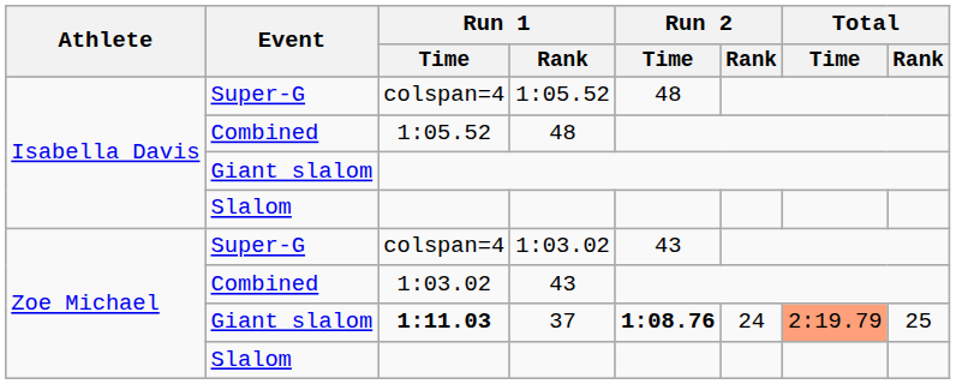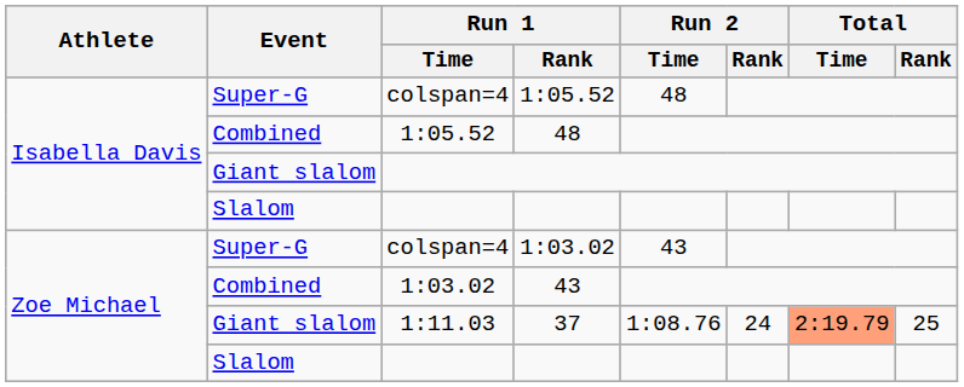 <table class="wikitable" style="font-size:90%">
 <tr>
 <th rowspan=2>Athlete</th>
 <th rowspan=2>Event</th>
 <th colspan=2>Run 1</th>
 <th colspan=2>Run 2</th>
 <th colspan=2>Total</th>
 </tr>
 <tr style="font-size:95%">
 <th>Time</th>
 <th>Rank</th>
 <th>Time</th>
 <th>Rank</th>
 <th>Time</th>
 <th>Rank</th>
 </tr>
 <tr align=center>
 <td align="left" rowspan="4"><a href='#'>Isabella Davis</a></td>
 <td align="left"><a href='#'>Super-G</a></td>
 <td>colspan=4</td>
 <td>1:05.52</td>
 <td>48</td>
 </tr>
 <tr align=center>
 <td align="left"><a href='#'>Combined</a></td>
 <td>1:05.52</td>
 <td>48</td>
 <td colspan=4></td>
 </tr>
 <tr align=center>
 <td align="left"><a href='#'>Giant slalom</a></td>
 <td colspan=6></td>
 </tr>
 <tr>
 <td align="left"><a href='#'>Slalom</a></td>
 <td></td>
 <td></td>
 <td></td>
 <td></td>
 <td></td>
 <td></td>
 </tr>
 <tr align=center>
 <td align="left" rowspan="4"><a href='#'>Zoe Michael</a></td>
 <td align="left"><a href='#'>Super-G</a></td>
 <td>colspan=4</td>
 <td>1:03.02</td>
 <td>43</td>
 </tr>
 <tr align=center>
 <td align="left"><a href='#'>Combined</a></td>
 <td>1:03.02</td>
 <td>43</td>
 <td colspan=4></td>
 </tr>
 <tr align=center>
 <td align="left"><a href='#'>Giant slalom</a></td>
-<td><strong>1:11.03</strong></td>
+<td>1:11.03</td>
 <td>37</td>
-<td><strong>1:08.76</strong></td>
+<td>1:08.76</td>
 <td>24</td>
 <td style="background: lightsalmon;">2:19.79</td>
 <td>25</td>
 </tr>
 <tr>
 <td align="left"><a href='#'>Slalom</a></td>
 <td></td>
 <td></td>
 <td></td>
 <td></td>
 <td></td>
 <td></td>
 </tr>
 </table>
